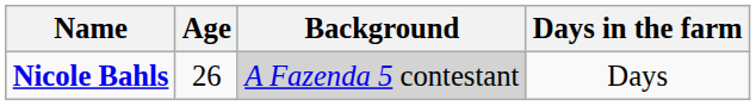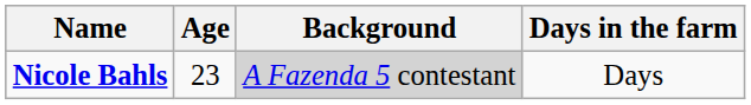 <table class= "wikitable sortable" style="text-align: center; margin:auto; align: center">
 <tr>
 <th>Name</th>
 <th>Age</th>
 <th>Background</th>
 <th>Days in the farm</th>
 </tr>
 <tr>
 <td nowrap><strong><a href='#'>Nicole Bahls</a></strong></td>
-<td>26</td>
+<td>23</td>
 <td style="background: lightgrey;"><em><a href='#'>A Fazenda 5</a></em> contestant</td>
 <td>Days </td>
 </tr>
 </table>
